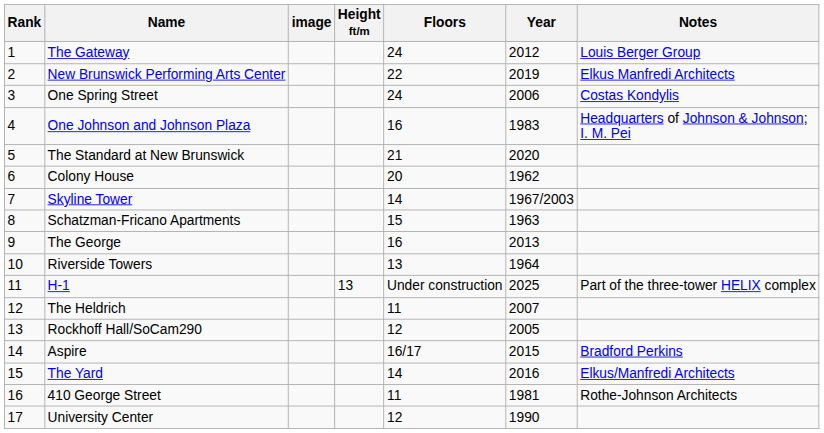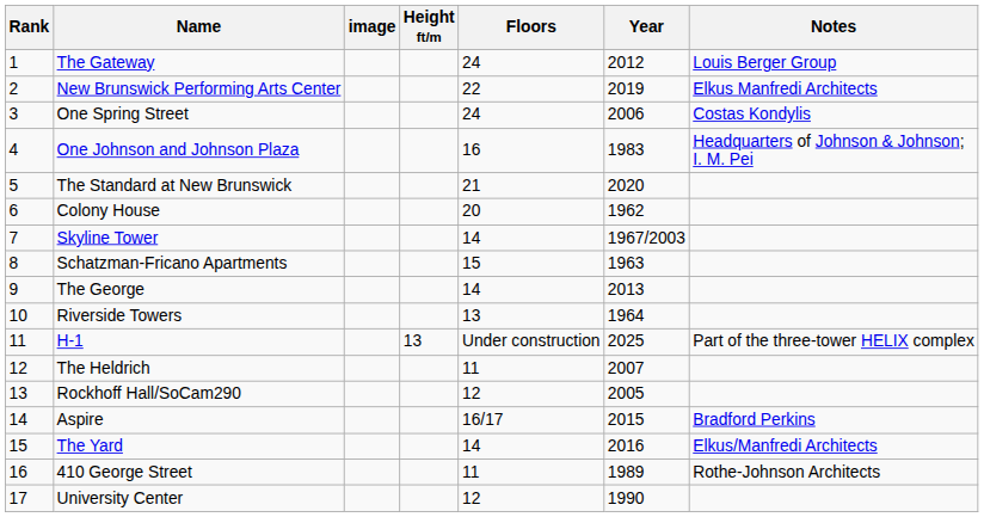 <table class="wikitable sortable">
 <tr>
 <th>Rank</th>
 <th>Name</th>
 <th>image</th>
 <th>Height<br><small>ft/m</small></th>
 <th>Floors</th>
 <th>Year</th>
 <th class="unsortable">Notes</th>
 </tr>
 <tr>
 <td>1</td>
 <td><a href='#'>The Gateway</a></td>
 <td></td>
 <td></td>
 <td>24</td>
 <td>2012</td>
 <td><a href='#'>Louis Berger Group</a></td>
 </tr>
 <tr>
 <td>2</td>
 <td><a href='#'>New Brunswick Performing Arts Center</a></td>
 <td></td>
 <td></td>
 <td>22</td>
 <td>2019</td>
 <td><a href='#'>Elkus Manfredi Architects</a></td>
 </tr>
 <tr>
 <td>3</td>
 <td>One Spring Street</td>
 <td></td>
 <td></td>
 <td>24</td>
 <td>2006</td>
 <td><a href='#'>Costas Kondylis</a></td>
 </tr>
 <tr>
 <td>4</td>
 <td><a href='#'>One Johnson and Johnson Plaza</a></td>
 <td></td>
 <td></td>
 <td>16</td>
 <td>1983</td>
 <td><a href='#'>Headquarters</a> of <a href='#'>Johnson & Johnson</a>;<br><a href='#'>I. M. Pei</a>  </td>
 </tr>
 <tr>
 <td>5</td>
 <td>The Standard at New Brunswick</td>
 <td></td>
 <td></td>
 <td>21</td>
 <td>2020</td>
 <td></td>
 </tr>
 <tr>
 <td>6</td>
 <td>Colony House</td>
 <td></td>
 <td></td>
 <td>20</td>
 <td>1962</td>
 <td></td>
 </tr>
 <tr>
 <td>7</td>
 <td><a href='#'>Skyline Tower</a></td>
 <td></td>
 <td></td>
 <td>14</td>
 <td>1967/2003</td>
 <td></td>
 </tr>
 <tr>
 <td>8</td>
 <td>Schatzman-Fricano Apartments</td>
 <td></td>
 <td></td>
 <td>15</td>
 <td>1963</td>
 <td></td>
 </tr>
 <tr>
 <td>9</td>
 <td>The George</td>
 <td></td>
 <td></td>
-<td>16</td>
+<td>14</td>
 <td>2013</td>
 <td></td>
 </tr>
 <tr>
 <td>10</td>
 <td>Riverside Towers</td>
 <td></td>
 <td></td>
 <td>13</td>
 <td>1964</td>
 <td></td>
 </tr>
 <tr>
 <td>11</td>
 <td><a href='#'>H-1</a></td>
 <td></td>
 <td>13</td>
 <td>Under construction</td>
 <td>2025</td>
 <td>Part of the three-tower <a href='#'>HELIX</a> complex</td>
 </tr>
 <tr>
 <td>12</td>
 <td>The Heldrich</td>
 <td></td>
 <td></td>
 <td>11</td>
 <td>2007</td>
 <td></td>
 </tr>
 <tr>
 <td>13</td>
 <td>Rockhoff Hall/SoCam290</td>
 <td></td>
 <td></td>
 <td>12</td>
 <td>2005</td>
 <td></td>
 </tr>
 <tr>
 <td>14</td>
 <td>Aspire</td>
 <td></td>
 <td></td>
 <td>16/17</td>
 <td>2015</td>
 <td><a href='#'>Bradford Perkins</a></td>
 </tr>
 <tr>
 <td>15</td>
 <td><a href='#'>The Yard</a></td>
 <td></td>
 <td></td>
 <td>14</td>
 <td>2016</td>
 <td><a href='#'>Elkus/Manfredi Architects</a></td>
 </tr>
 <tr>
 <td>16</td>
 <td>410 George Street</td>
 <td></td>
 <td></td>
 <td>11</td>
-<td>1981</td>
+<td>1989</td>
 <td>Rothe-Johnson Architects</td>
 </tr>
 <tr>
 <td>17</td>
 <td>University Center</td>
 <td></td>
 <td></td>
 <td>12</td>
 <td>1990</td>
 <td></td>
 </tr>
 </table>
